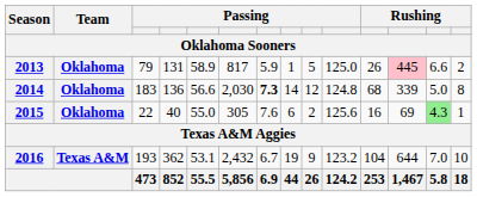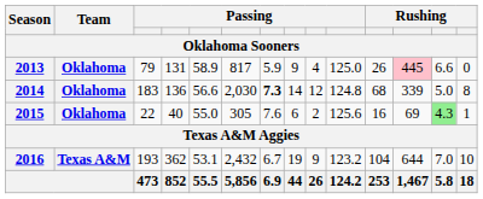 <table class="wikitable" style="text-align:center;">
 <tr>
 <th rowspan="2">Season</th>
 <th rowspan="2">Team</th>
 <th colspan="8">Passing</th>
 <th colspan="4">Rushing</th>
 </tr>
 <tr>
 <th></th>
 <th></th>
 <th></th>
 <th></th>
 <th></th>
 <th></th>
 <th></th>
 <th></th>
 <th></th>
 <th></th>
 <th></th>
 <th></th>
 </tr>
 <tr>
 <th colspan="16">Oklahoma Sooners</th>
 </tr>
 <tr>
 <th><a href='#'>2013</a></th>
 <th><a href='#'>Oklahoma</a></th>
 <td>79</td>
 <td>131</td>
 <td>58.9</td>
 <td>817</td>
 <td>5.9</td>
-<td>1</td>
-<td>5</td>
+<td>9</td>
+<td>4</td>
 <td>125.0</td>
 <td>26</td>
 <td style="background: pink;">445</td>
 <td>6.6</td>
-<td>2</td>
+<td>0</td>
 </tr>
 <tr>
 <th><a href='#'>2014</a></th>
 <th><a href='#'>Oklahoma</a></th>
 <td>183</td>
 <td>136</td>
 <td>56.6</td>
 <td>2,030</td>
 <td><strong>7.3</strong></td>
 <td>14</td>
 <td>12</td>
 <td>124.8</td>
 <td>68</td>
 <td>339</td>
 <td>5.0</td>
 <td>8</td>
 </tr>
 <tr>
 <th><a href='#'>2015</a></th>
 <th><a href='#'>Oklahoma</a></th>
 <td>22</td>
 <td>40</td>
 <td>55.0</td>
 <td>305</td>
 <td>7.6</td>
 <td>6</td>
 <td>2</td>
 <td>125.6</td>
 <td>16</td>
 <td>69</td>
 <td style="background: lightgreen;">4.3</td>
 <td>1</td>
 </tr>
 <tr>
 <th colspan="16">Texas A&M Aggies</th>
 </tr>
 <tr>
 <th><a href='#'>2016</a></th>
 <th><a href='#'>Texas A&M</a></th>
 <td>193</td>
 <td>362</td>
 <td>53.1</td>
 <td>2,432</td>
 <td>6.7</td>
 <td>19</td>
 <td>9</td>
 <td>123.2</td>
 <td>104</td>
 <td>644</td>
 <td>7.0</td>
 <td>10</td>
 </tr>
 <tr>
 <th colspan="2"></th>
 <th>473</th>
 <th>852</th>
 <th>55.5</th>
 <th>5,856</th>
 <th>6.9</th>
 <th>44</th>
 <th>26</th>
 <th>124.2</th>
 <th>253</th>
 <th>1,467</th>
 <th>5.8</th>
 <th>18</th>
 </tr>
 </table>
